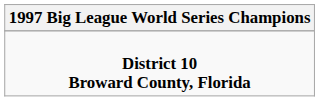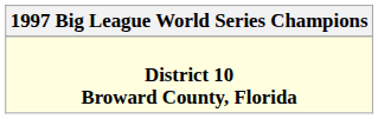 <table class="wikitable" style="text-align: center; margin: 0 auto;">
 <tr>
 <th>1997 Big League World Series Champions</th>
 </tr>
 <tr>
 </tr>
 <tr>
-<td><br><strong>District 10</strong><br> <strong>Broward County, Florida</strong></td>
+<td style="background: lightyellow;"><br><strong>District 10</strong><br> <strong>Broward County, Florida</strong></td>
 </tr>
 </table>
